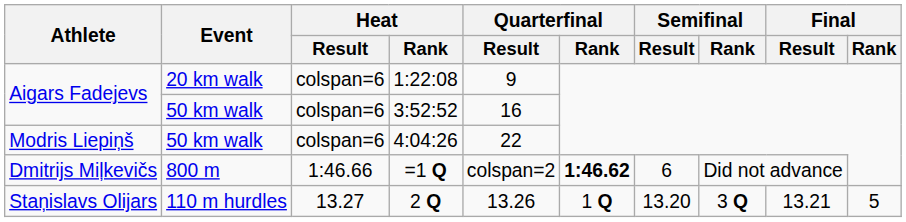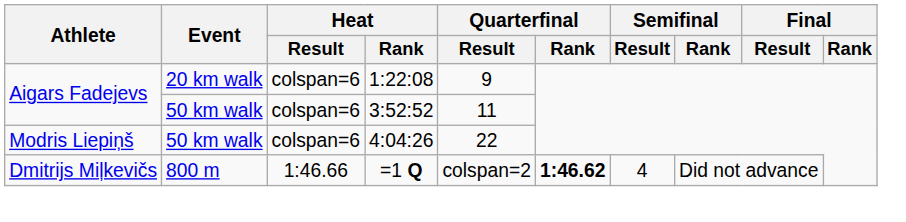 <table class="wikitable" style="font-size:90%">
 <tr>
 <th rowspan="2">Athlete</th>
 <th rowspan="2">Event</th>
 <th colspan="2">Heat</th>
 <th colspan="2">Quarterfinal</th>
 <th colspan="2">Semifinal</th>
 <th colspan="2">Final</th>
 </tr>
 <tr style="font-size:95%">
 <th>Result</th>
 <th>Rank</th>
 <th>Result</th>
 <th>Rank</th>
 <th>Result</th>
 <th>Rank</th>
 <th>Result</th>
 <th>Rank</th>
 </tr>
 <tr align=center>
 <td align=left rowspan=2><a href='#'>Aigars Fadejevs</a></td>
 <td align=left><a href='#'>20 km walk</a></td>
 <td>colspan=6 </td>
 <td>1:22:08</td>
 <td>9</td>
 </tr>
 <tr align=center>
 <td align=left><a href='#'>50 km walk</a></td>
 <td>colspan=6 </td>
 <td>3:52:52</td>
-<td>16</td>
+<td>11</td>
 </tr>
 <tr align=center>
 <td align=left><a href='#'>Modris Liepiņš</a></td>
 <td align=left><a href='#'>50 km walk</a></td>
 <td>colspan=6 </td>
 <td>4:04:26</td>
 <td>22</td>
 </tr>
 <tr align=center>
 <td align=left><a href='#'>Dmitrijs Miļkevičs</a></td>
 <td align=left><a href='#'>800 m</a></td>
 <td>1:46.66</td>
 <td>=1 <strong>Q</strong></td>
 <td>colspan=2 </td>
 <td><strong>1:46.62</strong></td>
-<td>6</td>
+<td>4</td>
 <td colspan=2>Did not advance</td>
 </tr>
-<tr align=center>
-<td align=left><a href='#'>Staņislavs Olijars</a></td>
-<td align=left><a href='#'>110 m hurdles</a></td>
-<td>13.27</td>
-<td>2 <strong>Q</strong></td>
-<td>13.26</td>
-<td>1 <strong>Q</strong></td>
-<td>13.20</td>
-<td>3 <strong>Q</strong></td>
-<td>13.21</td>
-<td>5</td>
-</tr>
 </table>
